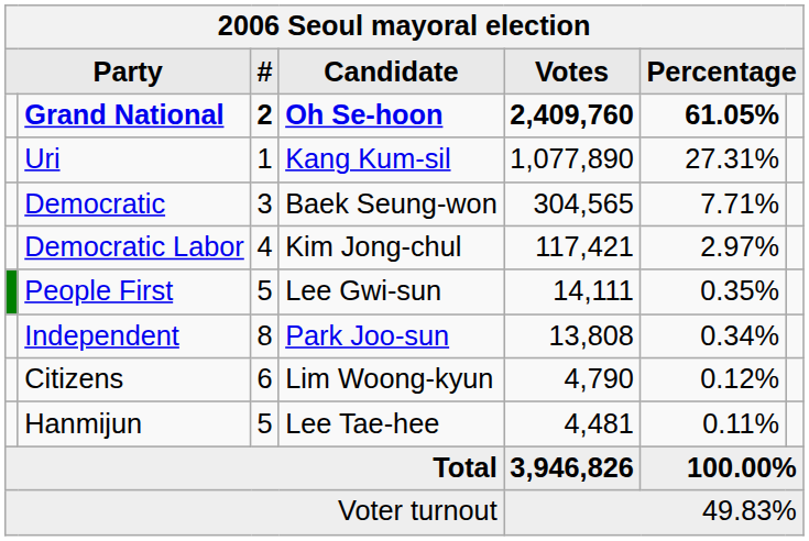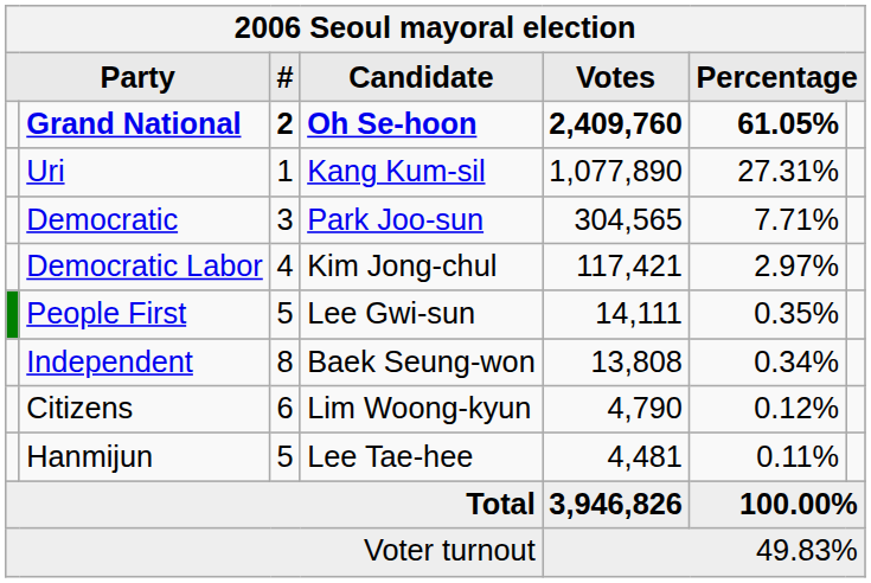 <table class="wikitable">
 <tr>
 <th colspan="7">2006 Seoul mayoral election</th>
 </tr>
 <tr>
 <th style="background-color:#E9E9E9" colspan=2>Party</th>
 <th style="background-color:#E9E9E9">#</th>
 <th style="background-color:#E9E9E9">Candidate</th>
 <th style="background-color:#E9E9E9">Votes</th>
 <th style="background-color:#E9E9E9" colspan=2>Percentage</th>
 </tr>
 <tr style="font-weight:bold">
 <td></td>
 <td align=left><a href='#'>Grand National</a></td>
 <td align=center>2</td>
 <td align=left><a href='#'>Oh Se-hoon</a></td>
 <td align=right>2,409,760</td>
 <td align=right>61.05%</td>
 <td align=right></td>
 </tr>
 <tr>
 <td></td>
 <td align=left><a href='#'>Uri</a></td>
 <td align=center>1</td>
 <td align=left><a href='#'>Kang Kum-sil</a></td>
 <td align=right>1,077,890</td>
 <td align=right>27.31%</td>
 <td align=right></td>
 </tr>
 <tr>
 <td></td>
 <td align=left><a href='#'>Democratic</a></td>
 <td align=center>3</td>
-<td align=left>Baek Seung-won</td>
+<td align=left><a href='#'>Park Joo-sun</a></td>
 <td align=right>304,565</td>
 <td align=right>7.71%</td>
 <td align=right></td>
 </tr>
 <tr>
 <td></td>
 <td align=left><a href='#'>Democratic Labor</a></td>
 <td align=center>4</td>
 <td align=left>Kim Jong-chul</td>
 <td align=right>117,421</td>
 <td align=right>2.97%</td>
 <td align=right></td>
 </tr>
 <tr>
 <td bgcolor="#008000"></td>
 <td align=left><a href='#'>People First</a></td>
 <td align=center>5</td>
 <td align=left>Lee Gwi-sun</td>
 <td align=right>14,111</td>
 <td align=right>0.35%</td>
 <td align=right></td>
 </tr>
 <tr>
 <td></td>
 <td align=left><a href='#'>Independent</a></td>
 <td align=center>8</td>
-<td align=left><a href='#'>Park Joo-sun</a></td>
+<td align=left>Baek Seung-won</td>
 <td align=right>13,808</td>
 <td align=right>0.34%</td>
 <td align=right></td>
 </tr>
 <tr>
 <td></td>
 <td align=left>Citizens</td>
 <td align=center>6</td>
 <td align=left>Lim Woong-kyun</td>
 <td align=right>4,790</td>
 <td align=right>0.12%</td>
 <td align=right></td>
 </tr>
 <tr>
 <td></td>
 <td align=left>Hanmijun</td>
 <td align=center>5</td>
 <td align=left>Lee Tae-hee</td>
 <td align=right>4,481</td>
 <td align=right>0.11%</td>
 <td align=right></td>
 </tr>
 <tr bgcolor="#EEEEEE" style="font-weight:bold">
 <td colspan="4" align=right>Total</td>
 <td align=right>3,946,826</td>
 <td align=right colspan=2>100.00%</td>
 </tr>
 <tr bgcolor="#EEEEEE">
 <td colspan="4" align="right">Voter turnout</td>
 <td colspan="3" align="right">49.83%</td>
 </tr>
 </table>
